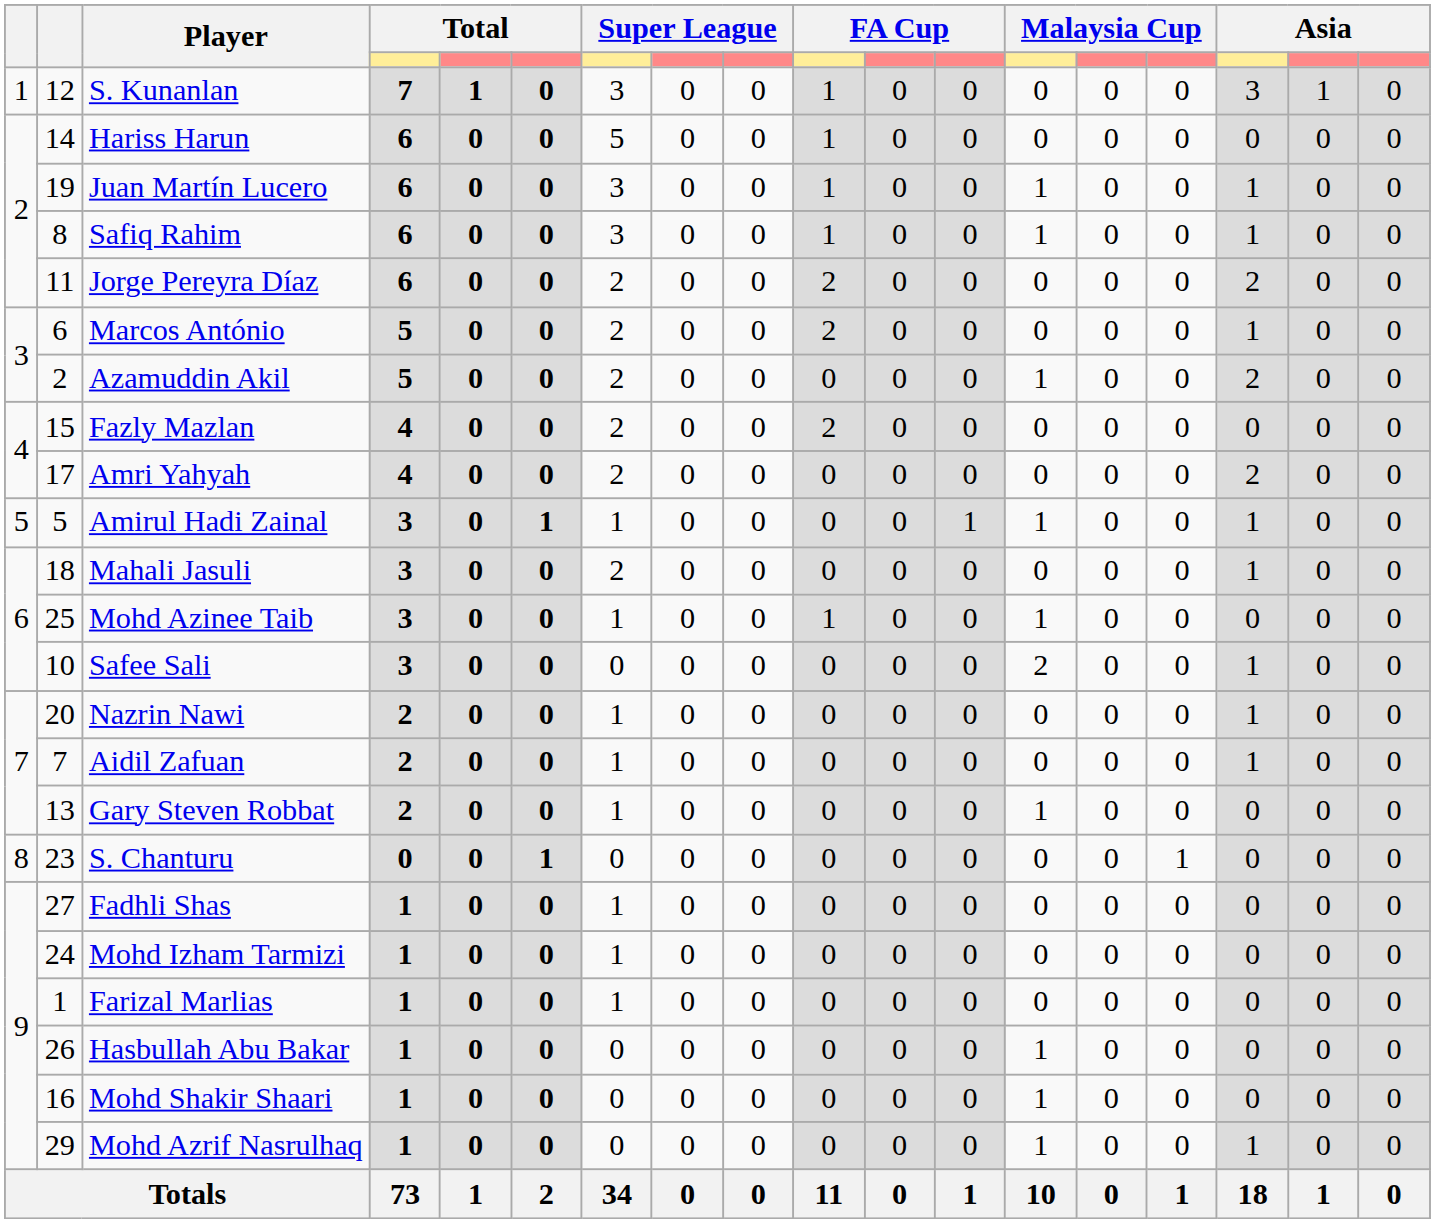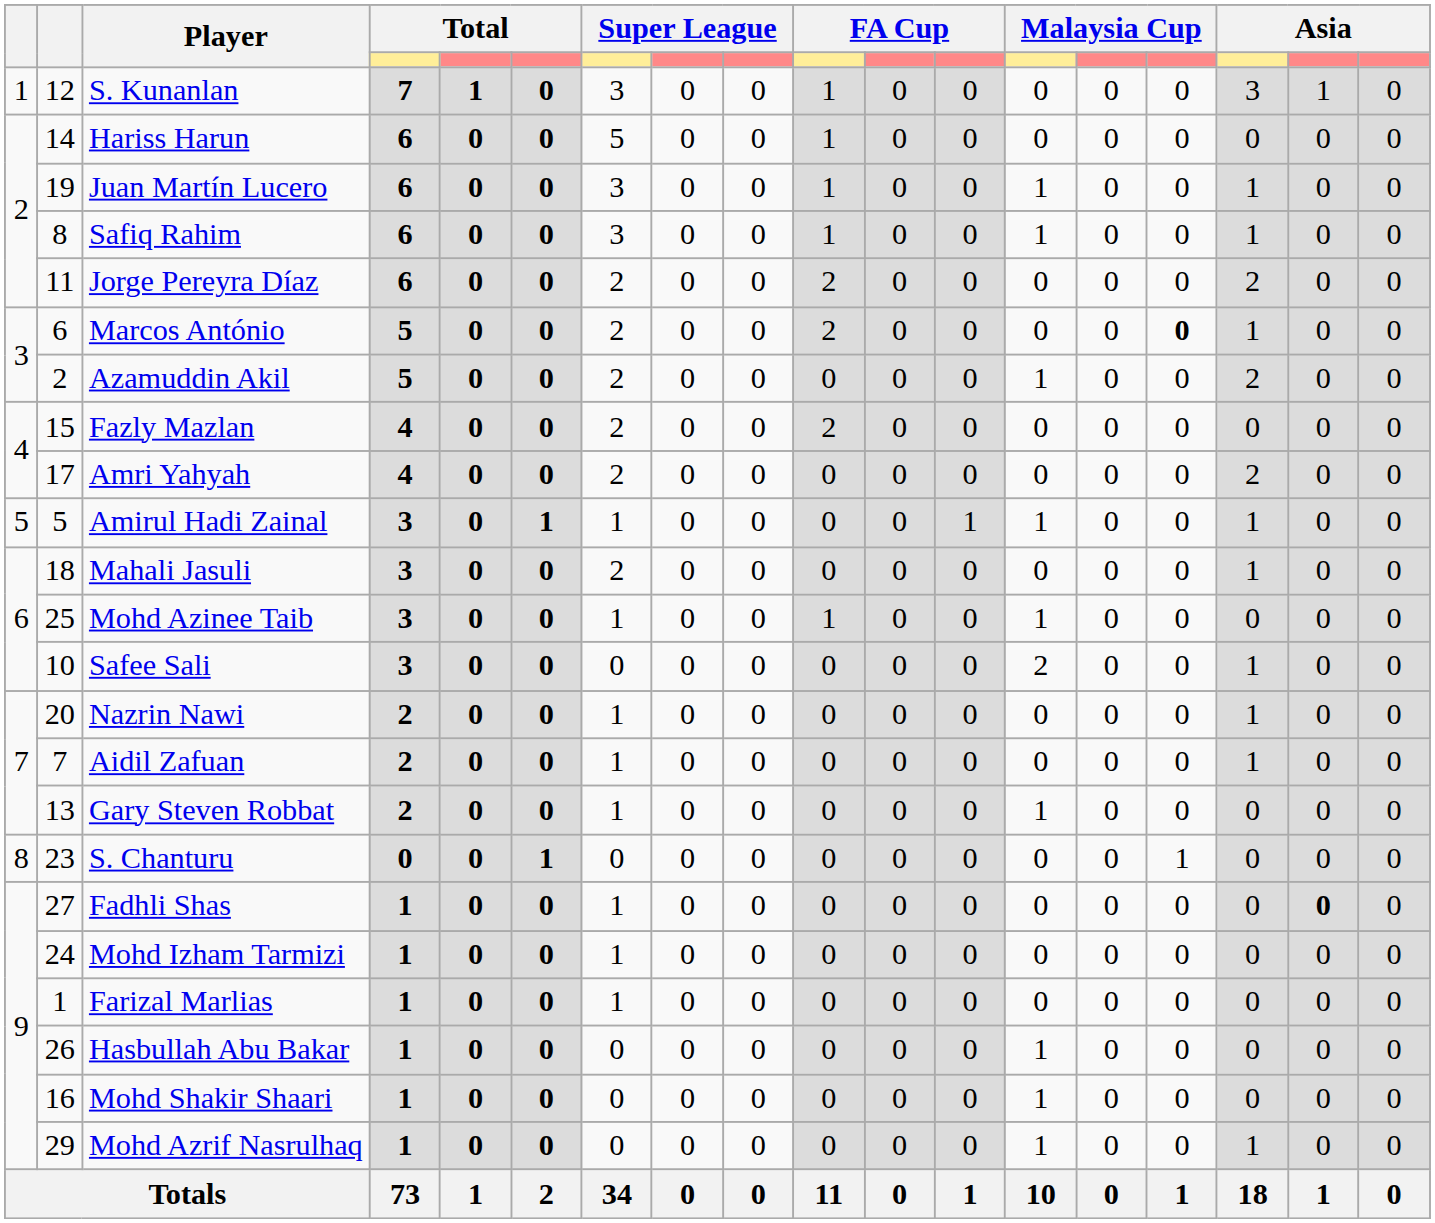 <table class="wikitable" style="text-align:center;">
 <tr style="text-align:center;">
 <th style="width:10px;" rowspan="2"></th>
 <th style="width:10px;" rowspan="2"></th>
 <th rowspan="2">Player</th>
 <th colspan="3">Total</th>
 <th colspan="3"><a href='#'>Super League</a></th>
 <th colspan="3"><a href='#'>FA Cup</a></th>
 <th colspan="3"><a href='#'>Malaysia Cup</a></th>
 <th colspan="3">Asia</th>
 </tr>
 <tr>
 <th style="width:30px; background:#fe9;"></th>
 <th style="width:30px; background:#ff8888;"></th>
 <th style="width:30px; background:#ff8888;"></th>
 <th style="width:30px; background:#fe9;"></th>
 <th style="width:30px; background:#ff8888;"></th>
 <th style="width:30px; background:#ff8888;"></th>
 <th style="width:30px; background:#fe9;"></th>
 <th style="width:30px; background:#ff8888;"></th>
 <th style="width:30px; background:#ff8888;"></th>
 <th style="width:30px; background:#fe9;"></th>
 <th style="width:30px; background:#ff8888;"></th>
 <th style="width:30px; background:#ff8888;"></th>
 <th style="width:30px; background:#fe9;"></th>
 <th style="width:30px; background:#ff8888;"></th>
 <th style="width:30px; background:#ff8888;"></th>
 </tr>
 <tr>
 <td>1</td>
 <td>12</td>
 <td align=left> <a href='#'>S. Kunanlan</a></td>
 <td style="background:#DCDCDC"><strong>7</strong> </td>
 <td style="background:#DCDCDC"><strong>1</strong> </td>
 <td style="background:#DCDCDC"><strong>0</strong> </td>
 <td>3 </td>
 <td>0 </td>
 <td>0 </td>
 <td style="background:#DCDCDC">1 </td>
 <td style="background:#DCDCDC">0 </td>
 <td style="background:#DCDCDC">0 </td>
 <td>0 </td>
 <td>0 </td>
 <td>0 </td>
 <td style="background:#DCDCDC">3 </td>
 <td style="background:#DCDCDC">1 </td>
 <td style="background:#DCDCDC">0 </td>
 </tr>
 <tr>
 <td rowspan="4">2</td>
 <td>14</td>
 <td align=left> <a href='#'>Hariss Harun</a></td>
 <td style="background:#DCDCDC"><strong>6</strong> </td>
 <td style="background:#DCDCDC"><strong>0</strong> </td>
 <td style="background:#DCDCDC"><strong>0</strong> </td>
 <td>5 </td>
 <td>0 </td>
 <td>0 </td>
 <td style="background:#DCDCDC">1 </td>
 <td style="background:#DCDCDC">0 </td>
 <td style="background:#DCDCDC">0 </td>
 <td>0 </td>
 <td>0 </td>
 <td>0 </td>
 <td style="background:#DCDCDC">0 </td>
 <td style="background:#DCDCDC">0 </td>
 <td style="background:#DCDCDC">0 </td>
 </tr>
 <tr>
 <td>19</td>
 <td align=left> <a href='#'>Juan Martín Lucero</a></td>
 <td style="background:#DCDCDC"><strong>6</strong> </td>
 <td style="background:#DCDCDC"><strong>0</strong> </td>
 <td style="background:#DCDCDC"><strong>0</strong> </td>
 <td>3 </td>
 <td>0 </td>
 <td>0 </td>
 <td style="background:#DCDCDC">1 </td>
 <td style="background:#DCDCDC">0 </td>
 <td style="background:#DCDCDC">0 </td>
 <td>1 </td>
 <td>0 </td>
 <td>0 </td>
 <td style="background:#DCDCDC">1 </td>
 <td style="background:#DCDCDC">0 </td>
 <td style="background:#DCDCDC">0 </td>
 </tr>
 <tr>
 <td>8</td>
 <td align=left> <a href='#'>Safiq Rahim</a></td>
 <td style="background:#DCDCDC"><strong>6</strong> </td>
 <td style="background:#DCDCDC"><strong>0</strong> </td>
 <td style="background:#DCDCDC"><strong>0</strong> </td>
 <td>3 </td>
 <td>0 </td>
 <td>0 </td>
 <td style="background:#DCDCDC">1 </td>
 <td style="background:#DCDCDC">0 </td>
 <td style="background:#DCDCDC">0 </td>
 <td>1 </td>
 <td>0 </td>
 <td>0 </td>
 <td style="background:#DCDCDC">1 </td>
 <td style="background:#DCDCDC">0 </td>
 <td style="background:#DCDCDC">0 </td>
 </tr>
 <tr>
 <td>11</td>
 <td align=left> <a href='#'>Jorge Pereyra Díaz</a></td>
 <td style="background:#DCDCDC"><strong>6</strong> </td>
 <td style="background:#DCDCDC"><strong>0</strong> </td>
 <td style="background:#DCDCDC"><strong>0</strong> </td>
 <td>2 </td>
 <td>0 </td>
 <td>0 </td>
 <td style="background:#DCDCDC">2 </td>
 <td style="background:#DCDCDC">0 </td>
 <td style="background:#DCDCDC">0 </td>
 <td>0 </td>
 <td>0 </td>
 <td>0 </td>
 <td style="background:#DCDCDC">2 </td>
 <td style="background:#DCDCDC">0 </td>
 <td style="background:#DCDCDC">0 </td>
 </tr>
 <tr>
 <td rowspan="2">3</td>
 <td>6</td>
 <td align=left> <a href='#'>Marcos António</a></td>
 <td style="background:#DCDCDC"><strong>5</strong> </td>
 <td style="background:#DCDCDC"><strong>0</strong> </td>
 <td style="background:#DCDCDC"><strong>0</strong> </td>
 <td>2 </td>
 <td>0 </td>
 <td>0 </td>
 <td style="background:#DCDCDC">2 </td>
 <td style="background:#DCDCDC">0 </td>
 <td style="background:#DCDCDC">0 </td>
 <td>0 </td>
 <td>0 </td>
-<td>0 </td>
+<td><strong>0 </strong></td>
 <td style="background:#DCDCDC">1 </td>
 <td style="background:#DCDCDC">0 </td>
 <td style="background:#DCDCDC">0 </td>
 </tr>
 <tr>
 <td>2</td>
 <td align=left> <a href='#'>Azamuddin Akil</a></td>
 <td style="background:#DCDCDC"><strong>5</strong> </td>
 <td style="background:#DCDCDC"><strong>0</strong> </td>
 <td style="background:#DCDCDC"><strong>0</strong> </td>
 <td>2 </td>
 <td>0 </td>
 <td>0 </td>
 <td style="background:#DCDCDC">0 </td>
 <td style="background:#DCDCDC">0 </td>
 <td style="background:#DCDCDC">0 </td>
 <td>1 </td>
 <td>0 </td>
 <td>0 </td>
 <td style="background:#DCDCDC">2 </td>
 <td style="background:#DCDCDC">0 </td>
 <td style="background:#DCDCDC">0 </td>
 </tr>
 <tr>
 <td rowspan="2">4</td>
 <td>15</td>
 <td align=left> <a href='#'>Fazly Mazlan</a></td>
 <td style="background:#DCDCDC"><strong>4</strong> </td>
 <td style="background:#DCDCDC"><strong>0</strong> </td>
 <td style="background:#DCDCDC"><strong>0</strong> </td>
 <td>2 </td>
 <td>0 </td>
 <td>0 </td>
 <td style="background:#DCDCDC">2 </td>
 <td style="background:#DCDCDC">0 </td>
 <td style="background:#DCDCDC">0 </td>
 <td>0 </td>
 <td>0 </td>
 <td>0 </td>
 <td style="background:#DCDCDC">0 </td>
 <td style="background:#DCDCDC">0 </td>
 <td style="background:#DCDCDC">0 </td>
 </tr>
 <tr>
 <td>17</td>
 <td align=left> <a href='#'>Amri Yahyah</a></td>
 <td style="background:#DCDCDC"><strong>4</strong> </td>
 <td style="background:#DCDCDC"><strong>0</strong> </td>
 <td style="background:#DCDCDC"><strong>0</strong> </td>
 <td>2 </td>
 <td>0 </td>
 <td>0 </td>
 <td style="background:#DCDCDC">0 </td>
 <td style="background:#DCDCDC">0 </td>
 <td style="background:#DCDCDC">0 </td>
 <td>0 </td>
 <td>0 </td>
 <td>0 </td>
 <td style="background:#DCDCDC">2 </td>
 <td style="background:#DCDCDC">0 </td>
 <td style="background:#DCDCDC">0 </td>
 </tr>
 <tr>
 <td>5</td>
 <td>5</td>
 <td align=left> <a href='#'>Amirul Hadi Zainal</a></td>
 <td style="background:#DCDCDC"><strong>3</strong> </td>
 <td style="background:#DCDCDC"><strong>0</strong> </td>
 <td style="background:#DCDCDC"><strong>1</strong> </td>
 <td>1 </td>
 <td>0 </td>
 <td>0 </td>
 <td style="background:#DCDCDC">0 </td>
 <td style="background:#DCDCDC">0 </td>
 <td style="background:#DCDCDC">1 </td>
 <td>1 </td>
 <td>0 </td>
 <td>0 </td>
 <td style="background:#DCDCDC">1 </td>
 <td style="background:#DCDCDC">0 </td>
 <td style="background:#DCDCDC">0 </td>
 </tr>
 <tr>
 <td rowspan="3">6</td>
 <td>18</td>
 <td align=left> <a href='#'>Mahali Jasuli</a></td>
 <td style="background:#DCDCDC"><strong>3</strong> </td>
 <td style="background:#DCDCDC"><strong>0</strong> </td>
 <td style="background:#DCDCDC"><strong>0</strong> </td>
 <td>2 </td>
 <td>0 </td>
 <td>0 </td>
 <td style="background:#DCDCDC">0 </td>
 <td style="background:#DCDCDC">0 </td>
 <td style="background:#DCDCDC">0 </td>
 <td>0 </td>
 <td>0 </td>
 <td>0 </td>
 <td style="background:#DCDCDC">1 </td>
 <td style="background:#DCDCDC">0 </td>
 <td style="background:#DCDCDC">0 </td>
 </tr>
 <tr>
 <td>25</td>
 <td align=left> <a href='#'>Mohd Azinee Taib</a></td>
 <td style="background:#DCDCDC"><strong>3</strong> </td>
 <td style="background:#DCDCDC"><strong>0</strong> </td>
 <td style="background:#DCDCDC"><strong>0</strong> </td>
 <td>1 </td>
 <td>0 </td>
 <td>0 </td>
 <td style="background:#DCDCDC">1 </td>
 <td style="background:#DCDCDC">0 </td>
 <td style="background:#DCDCDC">0 </td>
 <td>1 </td>
 <td>0 </td>
 <td>0 </td>
 <td style="background:#DCDCDC">0 </td>
 <td style="background:#DCDCDC">0 </td>
 <td style="background:#DCDCDC">0 </td>
 </tr>
 <tr>
 <td>10</td>
 <td align=left> <a href='#'>Safee Sali</a></td>
 <td style="background:#DCDCDC"><strong>3</strong> </td>
 <td style="background:#DCDCDC"><strong>0</strong> </td>
 <td style="background:#DCDCDC"><strong>0</strong> </td>
 <td>0 </td>
 <td>0 </td>
 <td>0 </td>
 <td style="background:#DCDCDC">0 </td>
 <td style="background:#DCDCDC">0 </td>
 <td style="background:#DCDCDC">0 </td>
 <td>2 </td>
 <td>0 </td>
 <td>0 </td>
 <td style="background:#DCDCDC">1 </td>
 <td style="background:#DCDCDC">0 </td>
 <td style="background:#DCDCDC">0 </td>
 </tr>
 <tr>
 <td rowspan="3">7</td>
 <td>20</td>
 <td align=left> <a href='#'>Nazrin Nawi</a></td>
 <td style="background:#DCDCDC"><strong>2</strong> </td>
 <td style="background:#DCDCDC"><strong>0</strong> </td>
 <td style="background:#DCDCDC"><strong>0</strong> </td>
 <td>1 </td>
 <td>0 </td>
 <td>0 </td>
 <td style="background:#DCDCDC">0 </td>
 <td style="background:#DCDCDC">0 </td>
 <td style="background:#DCDCDC">0 </td>
 <td>0 </td>
 <td>0 </td>
 <td>0 </td>
 <td style="background:#DCDCDC">1 </td>
 <td style="background:#DCDCDC">0 </td>
 <td style="background:#DCDCDC">0 </td>
 </tr>
 <tr>
 <td>7</td>
 <td align=left> <a href='#'>Aidil Zafuan</a></td>
 <td style="background:#DCDCDC"><strong>2</strong> </td>
 <td style="background:#DCDCDC"><strong>0</strong> </td>
 <td style="background:#DCDCDC"><strong>0</strong> </td>
 <td>1 </td>
 <td>0 </td>
 <td>0 </td>
 <td style="background:#DCDCDC">0 </td>
 <td style="background:#DCDCDC">0 </td>
 <td style="background:#DCDCDC">0 </td>
 <td>0 </td>
 <td>0 </td>
 <td>0 </td>
 <td style="background:#DCDCDC">1 </td>
 <td style="background:#DCDCDC">0 </td>
 <td style="background:#DCDCDC">0 </td>
 </tr>
 <tr>
 <td>13</td>
 <td align=left> <a href='#'>Gary Steven Robbat</a></td>
 <td style="background:#DCDCDC"><strong>2</strong> </td>
 <td style="background:#DCDCDC"><strong>0</strong> </td>
 <td style="background:#DCDCDC"><strong>0</strong> </td>
 <td>1 </td>
 <td>0 </td>
 <td>0 </td>
 <td style="background:#DCDCDC">0 </td>
 <td style="background:#DCDCDC">0 </td>
 <td style="background:#DCDCDC">0 </td>
 <td>1 </td>
 <td>0 </td>
 <td>0 </td>
 <td style="background:#DCDCDC">0 </td>
 <td style="background:#DCDCDC">0 </td>
 <td style="background:#DCDCDC">0 </td>
 </tr>
 <tr>
 <td>8</td>
 <td>23</td>
 <td align=left> <a href='#'>S. Chanturu</a></td>
 <td style="background:#DCDCDC"><strong>0</strong> </td>
 <td style="background:#DCDCDC"><strong>0</strong> </td>
 <td style="background:#DCDCDC"><strong>1</strong> </td>
 <td>0 </td>
 <td>0 </td>
 <td>0 </td>
 <td style="background:#DCDCDC">0 </td>
 <td style="background:#DCDCDC">0 </td>
 <td style="background:#DCDCDC">0 </td>
 <td>0 </td>
 <td>0 </td>
 <td>1 </td>
 <td style="background:#DCDCDC">0 </td>
 <td style="background:#DCDCDC">0 </td>
 <td style="background:#DCDCDC">0 </td>
 </tr>
 <tr>
 <td rowspan="6">9</td>
 <td>27</td>
 <td align=left> <a href='#'>Fadhli Shas</a></td>
 <td style="background:#DCDCDC"><strong>1</strong> </td>
 <td style="background:#DCDCDC"><strong>0</strong> </td>
 <td style="background:#DCDCDC"><strong>0</strong> </td>
 <td>1 </td>
 <td>0 </td>
 <td>0 </td>
 <td style="background:#DCDCDC">0 </td>
 <td style="background:#DCDCDC">0 </td>
 <td style="background:#DCDCDC">0 </td>
 <td>0 </td>
 <td>0 </td>
 <td>0 </td>
 <td style="background:#DCDCDC">0 </td>
-<td style="background:#DCDCDC">0 </td>
+<td style="background:#DCDCDC"><strong>0 </strong></td>
 <td style="background:#DCDCDC">0 </td>
 </tr>
 <tr>
 <td>24</td>
 <td align=left> <a href='#'>Mohd Izham Tarmizi</a></td>
 <td style="background:#DCDCDC"><strong>1</strong> </td>
 <td style="background:#DCDCDC"><strong>0</strong> </td>
 <td style="background:#DCDCDC"><strong>0</strong> </td>
 <td>1 </td>
 <td>0 </td>
 <td>0 </td>
 <td style="background:#DCDCDC">0 </td>
 <td style="background:#DCDCDC">0 </td>
 <td style="background:#DCDCDC">0 </td>
 <td>0 </td>
 <td>0 </td>
 <td>0 </td>
 <td style="background:#DCDCDC">0 </td>
 <td style="background:#DCDCDC">0 </td>
 <td style="background:#DCDCDC">0 </td>
 </tr>
 <tr>
 <td>1</td>
 <td align=left> <a href='#'>Farizal Marlias</a></td>
 <td style="background:#DCDCDC"><strong>1</strong> </td>
 <td style="background:#DCDCDC"><strong>0</strong> </td>
 <td style="background:#DCDCDC"><strong>0</strong> </td>
 <td>1 </td>
 <td>0 </td>
 <td>0 </td>
 <td style="background:#DCDCDC">0 </td>
 <td style="background:#DCDCDC">0 </td>
 <td style="background:#DCDCDC">0 </td>
 <td>0 </td>
 <td>0 </td>
 <td>0 </td>
 <td style="background:#DCDCDC">0 </td>
 <td style="background:#DCDCDC">0 </td>
 <td style="background:#DCDCDC">0 </td>
 </tr>
 <tr>
 <td>26</td>
 <td align=left> <a href='#'>Hasbullah Abu Bakar</a></td>
 <td style="background:#DCDCDC"><strong>1</strong> </td>
 <td style="background:#DCDCDC"><strong>0</strong> </td>
 <td style="background:#DCDCDC"><strong>0</strong> </td>
 <td>0 </td>
 <td>0 </td>
 <td>0 </td>
 <td style="background:#DCDCDC">0 </td>
 <td style="background:#DCDCDC">0 </td>
 <td style="background:#DCDCDC">0 </td>
 <td>1 </td>
 <td>0 </td>
 <td>0 </td>
 <td style="background:#DCDCDC">0 </td>
 <td style="background:#DCDCDC">0 </td>
 <td style="background:#DCDCDC">0 </td>
 </tr>
 <tr>
 <td>16</td>
 <td align=left> <a href='#'>Mohd Shakir Shaari</a></td>
 <td style="background:#DCDCDC"><strong>1</strong> </td>
 <td style="background:#DCDCDC"><strong>0</strong> </td>
 <td style="background:#DCDCDC"><strong>0</strong> </td>
 <td>0 </td>
 <td>0 </td>
 <td>0 </td>
 <td style="background:#DCDCDC">0 </td>
 <td style="background:#DCDCDC">0 </td>
 <td style="background:#DCDCDC">0 </td>
 <td>1 </td>
 <td>0 </td>
 <td>0 </td>
 <td style="background:#DCDCDC">0 </td>
 <td style="background:#DCDCDC">0 </td>
 <td style="background:#DCDCDC">0 </td>
 </tr>
 <tr>
 <td>29</td>
 <td align=left> <a href='#'>Mohd Azrif Nasrulhaq</a></td>
 <td style="background:#DCDCDC"><strong>1</strong> </td>
 <td style="background:#DCDCDC"><strong>0</strong> </td>
 <td style="background:#DCDCDC"><strong>0</strong> </td>
 <td>0 </td>
 <td>0 </td>
 <td>0 </td>
 <td style="background:#DCDCDC">0 </td>
 <td style="background:#DCDCDC">0 </td>
 <td style="background:#DCDCDC">0 </td>
 <td>1 </td>
 <td>0 </td>
 <td>0 </td>
 <td style="background:#DCDCDC">1 </td>
 <td style="background:#DCDCDC">0 </td>
 <td style="background:#DCDCDC">0 </td>
 </tr>
 <tr>
 <th colspan="3">Totals</th>
 <th>73 </th>
 <th>1 </th>
 <th>2 </th>
 <th>34 </th>
 <th>0 </th>
 <th>0 </th>
 <th>11 </th>
 <th>0 </th>
 <th>1 </th>
 <th>10 </th>
 <th>0 </th>
 <th>1 </th>
 <th>18 </th>
 <th>1 </th>
 <th>0 </th>
 </tr>
 </table>
